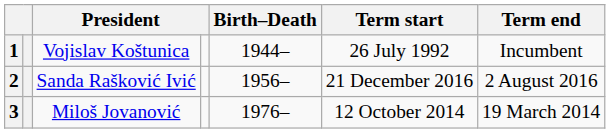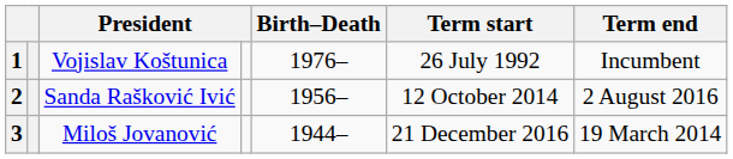 <table class="wikitable" style="text-align:center">
 <tr>
 <th colspan="2"></th>
 <th colspan="2">President</th>
 <th>Birth–Death</th>
 <th>Term start</th>
 <th>Term end</th>
 </tr>
 <tr>
 <th>1</th>
 <th style="background:"></th>
 <td><a href='#'>Vojislav Koštunica</a></td>
 <td></td>
-<td>1944–</td>
+<td>1976–</td>
 <td>26 July 1992</td>
 <td>Incumbent</td>
 </tr>
 <tr>
 <th>2</th>
 <th style="background:"></th>
 <td><a href='#'>Sanda Rašković Ivić</a></td>
 <td></td>
 <td>1956–</td>
-<td>21 December 2016</td>
+<td>12 October 2014</td>
 <td>2 August 2016</td>
 </tr>
 <tr>
 <th>3</th>
 <th style="background:"></th>
 <td><a href='#'>Miloš Jovanović</a></td>
 <td></td>
-<td>1976–</td>
-<td>12 October 2014</td>
+<td>1944–</td>
+<td>21 December 2016</td>
 <td>19 March 2014</td>
 </tr>
 </table>
